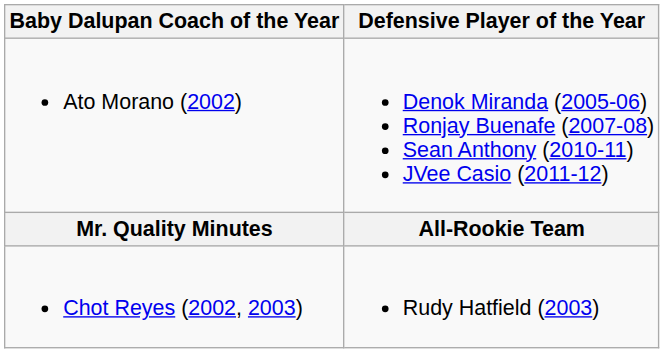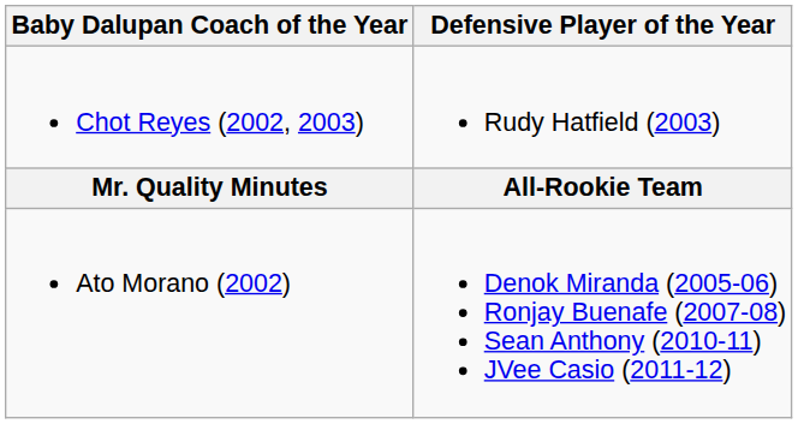 <table class=wikitable>
 <tr>
 <th>Baby Dalupan Coach of the Year</th>
 <th>Defensive Player of the Year</th>
 </tr>
 <tr>
-<td valign="top"><br><ul><li>Ato Morano (<a href='#'>2002</a>)</li></ul></td>
-<td valign="top"><br><ul><li><a href='#'>Denok Miranda</a> (<a href='#'>2005-06</a>)</li><li><a href='#'>Ronjay Buenafe</a> (<a href='#'>2007-08</a>)</li><li><a href='#'>Sean Anthony</a> (<a href='#'>2010-11</a>)</li><li><a href='#'>JVee Casio</a> (<a href='#'>2011-12</a>)</li></ul></td>
+<td valign="top"><br><ul><li><a href='#'>Chot Reyes</a> (<a href='#'>2002</a>, <a href='#'>2003</a>)</li></ul></td>
+<td valign="top"><br><ul><li>Rudy Hatfield (<a href='#'>2003</a>)</li></ul></td>
 </tr>
 <tr>
 <th>Mr. Quality Minutes</th>
 <th>All-Rookie Team</th>
 </tr>
 <tr>
-<td valign="top"><br><ul><li><a href='#'>Chot Reyes</a> (<a href='#'>2002</a>, <a href='#'>2003</a>)</li></ul></td>
-<td valign="top"><br><ul><li>Rudy Hatfield (<a href='#'>2003</a>)</li></ul></td>
+<td valign="top"><br><ul><li>Ato Morano (<a href='#'>2002</a>)</li></ul></td>
+<td valign="top"><br><ul><li><a href='#'>Denok Miranda</a> (<a href='#'>2005-06</a>)</li><li><a href='#'>Ronjay Buenafe</a> (<a href='#'>2007-08</a>)</li><li><a href='#'>Sean Anthony</a> (<a href='#'>2010-11</a>)</li><li><a href='#'>JVee Casio</a> (<a href='#'>2011-12</a>)</li></ul></td>
 </tr>
 </table>
